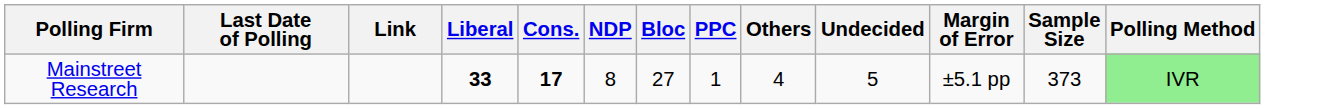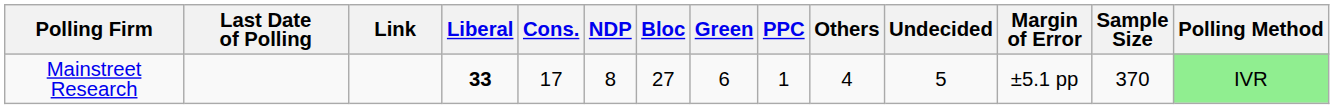 <table class="wikitable sortable" style="text-align:center;font-size:90%;line-height:14px;">
 <tr style="background:#e9e9e9;">
 <th style="width:120px">Polling Firm</th>
 <th style="width:110px">Last Date<br>of Polling</th>
 <th style="width:60px" class="unsortable">Link</th>
 <th style="background-color:"><a href='#'>Liberal</a></th>
 <th style="background-color:"><a href='#'>Cons.</a></th>
 <th style="background-color:"><a href='#'>NDP</a></th>
 <th style="background-color:"><a href='#'>Bloc</a></th>
+<th style="background-color:"><a href='#'>Green</a></th>
 <th style="background-color:"><a href='#'><span>PPC</span></a></th>
 <th style="background-color:">Others</th>
 <th style="background-color:">Undecided</th>
 <th style="width:60px;" class=unsortable>Margin<br>of Error</th>
 <th style="width:50px;" class=unsortable>Sample<br>Size</th>
 <th class=unsortable>Polling Method</th>
 </tr>
 <tr>
 <td><a href='#'>Mainstreet Research</a></td>
 <td></td>
 <td></td>
 <td><strong>33</strong></td>
-<td><strong>17</strong></td>
+<td>17</td>
 <td>8</td>
 <td>27</td>
+<td>6</td>
 <td>1</td>
 <td>4</td>
 <td>5</td>
 <td>±5.1 pp</td>
-<td>373</td>
+<td>370</td>
 <td style="background: lightgreen;">IVR</td>
 </tr>
 </table>
